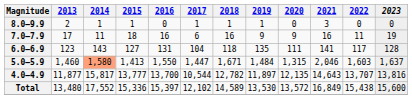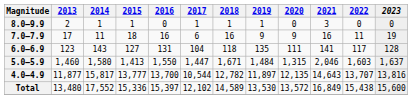 <table class="wikitable" style="text-align:center">
 <tr>
 <th>Magnitude</th>
 <th><a href='#'>2013</a></th>
 <th><a href='#'>2014</a></th>
 <th><a href='#'>2015</a></th>
 <th><a href='#'>2016</a></th>
 <th><a href='#'>2017</a></th>
 <th><a href='#'>2018</a></th>
 <th><a href='#'>2019</a></th>
 <th><a href='#'>2020</a></th>
 <th><a href='#'>2021</a></th>
 <th><a href='#'>2022</a></th>
 <th style="background:#efefef;"><em>2023</em></th>
 </tr>
 <tr>
 <th>8.0–9.9</th>
 <td>2</td>
 <td>1</td>
 <td>1</td>
 <td>0</td>
 <td>1</td>
 <td>1</td>
 <td>1</td>
 <td>0</td>
 <td>3</td>
 <td>0</td>
 <td style="background:#efefef;">0</td>
 </tr>
 <tr>
 <th>7.0–7.9</th>
 <td>17</td>
 <td>11</td>
 <td>18</td>
 <td>16</td>
 <td>6</td>
 <td>16</td>
 <td>9</td>
 <td>9</td>
 <td>16</td>
 <td>11</td>
 <td style="background:#efefef;">19</td>
 </tr>
 <tr>
 <th>6.0–6.9</th>
 <td>123</td>
 <td>143</td>
 <td>127</td>
 <td>131</td>
 <td>104</td>
 <td>118</td>
 <td>135</td>
 <td>111</td>
 <td>141</td>
 <td>117</td>
 <td style="background:#efefef;">128</td>
 </tr>
 <tr>
 <th>5.0–5.9</th>
 <td>1,460</td>
-<td style="background: lightsalmon;">1,580</td>
+<td>1,580</td>
 <td>1,413</td>
 <td>1,550</td>
 <td>1,447</td>
 <td>1,671</td>
 <td>1,484</td>
 <td>1,315</td>
 <td>2,046</td>
 <td>1,603</td>
 <td style="background:#efefef;">1,637</td>
 </tr>
 <tr>
 <th>4.0–4.9</th>
 <td>11,877</td>
 <td>15,817</td>
 <td>13,777</td>
 <td>13,700</td>
 <td>10,544</td>
 <td>12,782</td>
 <td>11,897</td>
 <td>12,135</td>
 <td>14,643</td>
 <td>13,707</td>
 <td style="background:#efefef;">13,816</td>
 </tr>
 <tr>
 <th>Total</th>
 <td>13,480</td>
 <td>17,552</td>
 <td>15,336</td>
 <td>15,397</td>
 <td>12,102</td>
 <td>14,589</td>
 <td>13,530</td>
 <td>13,572</td>
 <td>16,849</td>
 <td>15,438</td>
 <td style="background:#efefef;">15,600</td>
 </tr>
 <tr>
 </tr>
 </table>
